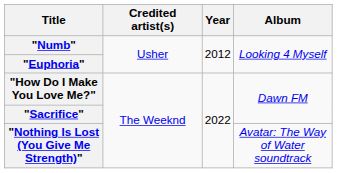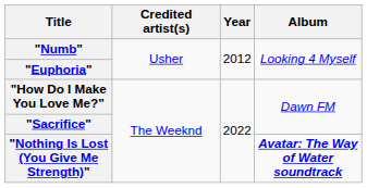 <table class="wikitable plainrowheaders" style="text-align:center;">
 <tr>
 <th scope="col" style="width:8em;">Title</th>
 <th scope="col" style="width:8em;">Credited artist(s)</th>
 <th scope="col" style="width:1em;">Year</th>
 <th scope="col" style="width:8em;">Album</th>
 </tr>
 <tr>
 <th scope="row">"<a href='#'>Numb</a>"</th>
 <td rowspan="2"><a href='#'>Usher</a></td>
 <td rowspan="2">2012</td>
 <td rowspan="2"><em><a href='#'>Looking 4 Myself</a></em></td>
 </tr>
 <tr>
 <th scope="row">"<a href='#'>Euphoria</a>"</th>
 </tr>
 <tr>
 <th scope="row">"How Do I Make You Love Me?"</th>
 <td rowspan="3"><a href='#'>The Weeknd</a></td>
 <td rowspan="3">2022</td>
 <td rowspan="2"><em><a href='#'>Dawn FM</a></em></td>
 </tr>
 <tr>
 <th scope="row">"<a href='#'>Sacrifice</a>"</th>
 </tr>
 <tr>
 <th scope="row">"<a href='#'>Nothing Is Lost (You Give Me Strength)</a>"</th>
-<td><em><a href='#'>Avatar: The Way of Water soundtrack</a></em></td>
+<td><strong><em><a href='#'>Avatar: The Way of Water soundtrack</a></em></strong></td>
 </tr>
 </table>
